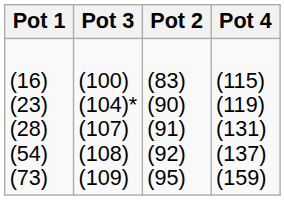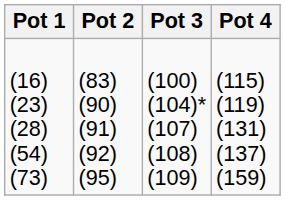 <table class=wikitable>
 <tr>
 <th width=25%>Pot 1</th>
+<th width=25%>Pot 2</th>
 <th width=25%>Pot 3</th>
-<th width=25%>Pot 2</th>
 <th width=25%>Pot 4</th>
 </tr>
 <tr valign=top>
 <td><br> (16)<br>   (23)<br>   (28)<br>  (54)<br>  (73)</td>
+<td><br> (83)<br>  (90)<br>  (91)<br>  (92)<br>  (95)</td>
 <td><br> (100)<br>  (104)*<br>  (107)<br>  (108)<br>  (109)</td>
-<td><br> (83)<br>  (90)<br>  (91)<br>  (92)<br>  (95)</td>
 <td><br> (115)<br>  (119)<br>  (131)<br>  (137)<br>  (159)</td>
 </tr>
 </table>
